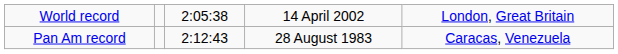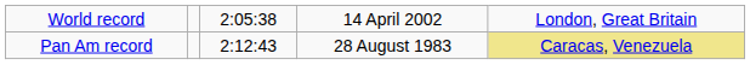 <table class="wikitable" style=" text-align:center; font-size:95%;" width="75%">
 <tr>
 <td><a href='#'>World record</a></td>
 <td></td>
 <td>2:05:38</td>
 <td>14 April 2002</td>
 <td> <a href='#'>London</a>, <a href='#'>Great Britain</a></td>
 </tr>
 <tr>
 <td><a href='#'>Pan Am record</a></td>
 <td></td>
 <td>2:12:43</td>
 <td>28 August 1983</td>
-<td> <a href='#'>Caracas</a>, <a href='#'>Venezuela</a></td>
+<td style="background: khaki;"> <a href='#'>Caracas</a>, <a href='#'>Venezuela</a></td>
 </tr>
 </table>
